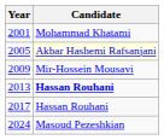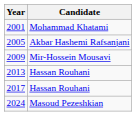 <table class="wikitable" style="font-size: 85%;">
 <tr>
 <th>Year</th>
 <th>Candidate</th>
 </tr>
 <tr>
 <td><a href='#'>2001</a></td>
 <td><a href='#'>Mohammad Khatami</a></td>
 </tr>
 <tr>
 <td><a href='#'>2005</a></td>
-<td style="background: lightyellow;"><a href='#'>Akbar Hashemi Rafsanjani</a></td>
+<td><a href='#'>Akbar Hashemi Rafsanjani</a></td>
 </tr>
 <tr>
 <td><a href='#'>2009</a></td>
 <td><a href='#'>Mir-Hossein Mousavi</a></td>
 </tr>
 <tr>
 <td><a href='#'>2013</a></td>
-<td><strong><a href='#'>Hassan Rouhani</a></strong></td>
+<td><a href='#'>Hassan Rouhani</a></td>
 </tr>
 <tr>
 <td><a href='#'>2017</a></td>
 <td><a href='#'>Hassan Rouhani</a></td>
 </tr>
 <tr>
 <td><a href='#'>2024</a></td>
 <td><a href='#'>Masoud Pezeshkian</a></td>
 </tr>
 </table>
